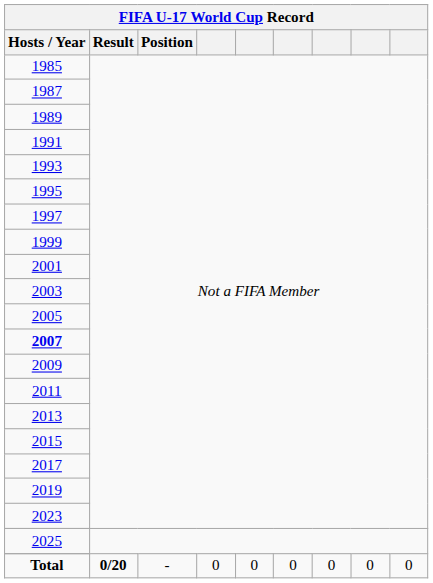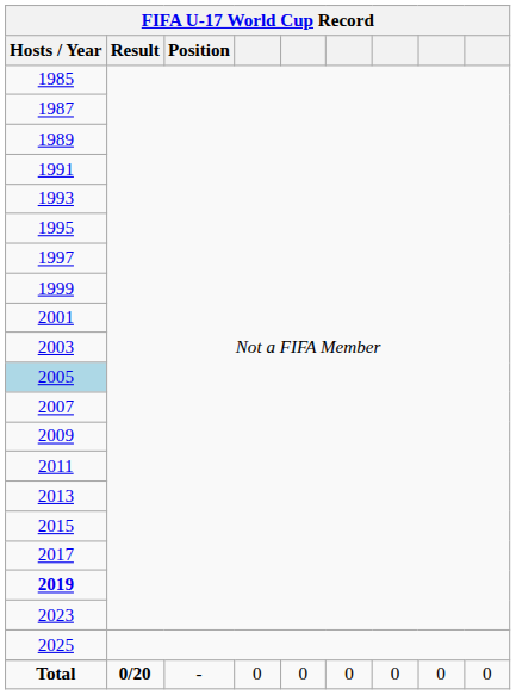 <table class="wikitable" style="text-align: center;font-size:90%;">
 <tr>
 <th colspan=9><a href='#'>FIFA U-17 World Cup</a> Record</th>
 </tr>
 <tr>
 <th>Hosts / Year</th>
 <th>Result</th>
 <th>Position</th>
 <th width=30></th>
 <th width=30></th>
 <th width=30></th>
 <th width=30></th>
 <th width=30></th>
 <th width=30></th>
 </tr>
 <tr>
 <td> <a href='#'>1985</a></td>
 <td colspan=8 rowspan=20><em>Not a FIFA Member</em></td>
 </tr>
 <tr>
 <td> <a href='#'>1987</a></td>
 </tr>
 <tr>
 <td> <a href='#'>1989</a></td>
 </tr>
 <tr>
 <td> <a href='#'>1991</a></td>
 </tr>
 <tr>
 <td> <a href='#'>1993</a></td>
 </tr>
 <tr>
 <td> <a href='#'>1995</a></td>
 </tr>
 <tr>
 <td> <a href='#'>1997</a></td>
 </tr>
 <tr>
 <td> <a href='#'>1999</a></td>
 </tr>
 <tr>
 <td> <a href='#'>2001</a></td>
 </tr>
 <tr>
 <td> <a href='#'>2003</a></td>
 </tr>
 <tr>
-<td> <a href='#'>2005</a></td>
+<td style="background: lightblue;"> <a href='#'>2005</a></td>
 </tr>
 <tr>
-<td><strong> <a href='#'>2007</a></strong></td>
+<td> <a href='#'>2007</a></td>
 </tr>
 <tr>
 <td> <a href='#'>2009</a></td>
 </tr>
 <tr>
 <td> <a href='#'>2011</a></td>
 </tr>
 <tr>
 <td> <a href='#'>2013</a></td>
 </tr>
 <tr>
 <td> <a href='#'>2015</a></td>
 </tr>
 <tr>
 <td> <a href='#'>2017</a></td>
 </tr>
 <tr>
-<td> <a href='#'>2019</a></td>
+<td><strong> <a href='#'>2019</a></strong></td>
 </tr>
 <tr>
 <td> <a href='#'>2023</a></td>
 </tr>
 <tr>
 </tr>
 <tr>
 <td> <a href='#'>2025</a></td>
 </tr>
 <tr>
 </tr>
 <tr>
 <td><strong>Total</strong></td>
 <td><strong>0/20</strong></td>
 <td>-</td>
 <td>0</td>
 <td>0</td>
 <td>0</td>
 <td>0</td>
 <td>0</td>
 <td>0</td>
 </tr>
 </table>
